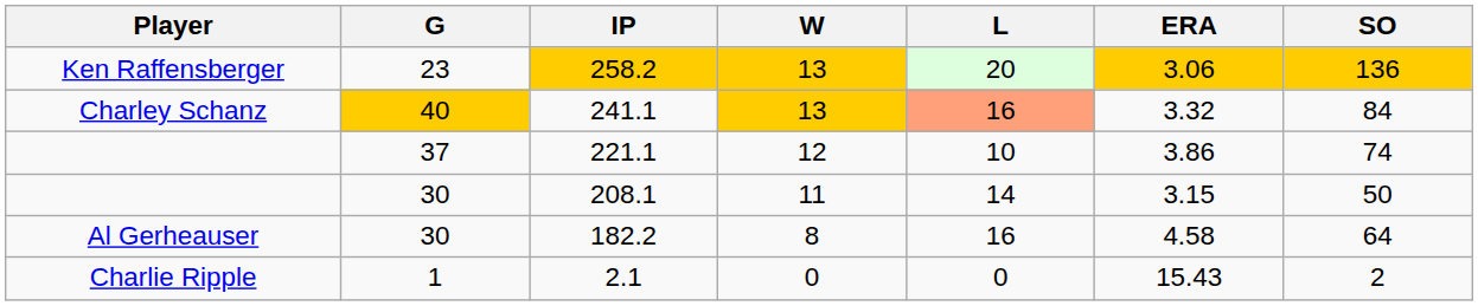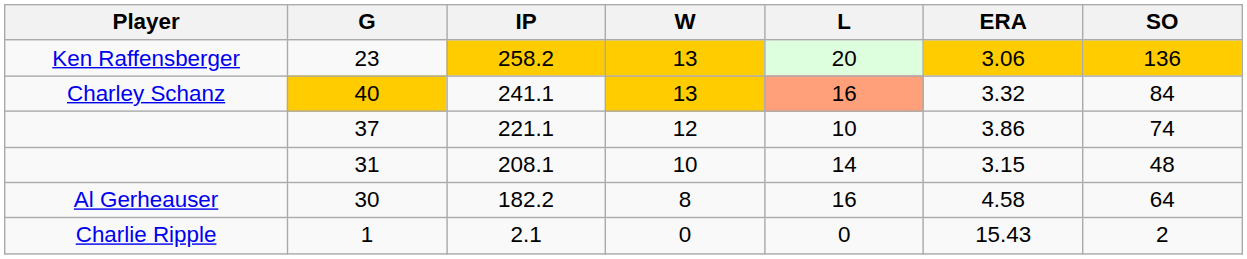 <table class="wikitable sortable">
 <tr>
 <th bgcolor="#DDDDFF" width="16%">Player</th>
 <th bgcolor="#DDDDFF" width="9%">G</th>
 <th bgcolor="#DDDDFF" width="9%">IP</th>
 <th bgcolor="#DDDDFF" width="9%">W</th>
 <th bgcolor="#DDDDFF" width="9%">L</th>
 <th bgcolor="#DDDDFF" width="9%">ERA</th>
 <th bgcolor="#DDDDFF" width="9%">SO</th>
 </tr>
 <tr align="center">
 <td><a href='#'>Ken Raffensberger</a></td>
 <td>23</td>
 <td style="background:#fc0;">258.2</td>
 <td style="background:#fc0;">13</td>
 <td style="background:#DDFFDD;">20</td>
 <td style="background:#fc0;">3.06</td>
 <td style="background:#fc0;">136</td>
 </tr>
 <tr align=center>
 <td><a href='#'>Charley Schanz</a></td>
 <td style="background:#fc0;">40</td>
 <td>241.1</td>
 <td style="background:#fc0;">13</td>
 <td style="background: lightsalmon;">16</td>
 <td>3.32</td>
 <td>84</td>
 </tr>
 <tr align=center>
 <td></td>
 <td>37</td>
 <td>221.1</td>
 <td>12</td>
 <td>10</td>
 <td>3.86</td>
 <td>74</td>
 </tr>
 <tr align="center">
 <td></td>
-<td>30</td>
+<td>31</td>
 <td>208.1</td>
-<td>11</td>
+<td>10</td>
 <td>14</td>
 <td>3.15</td>
-<td>50</td>
+<td>48</td>
 </tr>
 <tr align="center">
 <td><a href='#'>Al Gerheauser</a></td>
 <td>30</td>
 <td>182.2</td>
 <td>8</td>
 <td>16</td>
 <td>4.58</td>
 <td>64</td>
 </tr>
 <tr align=center>
 <td><a href='#'>Charlie Ripple</a></td>
 <td>1</td>
 <td>2.1</td>
 <td>0</td>
 <td>0</td>
 <td>15.43</td>
 <td>2</td>
 </tr>
 </table>
